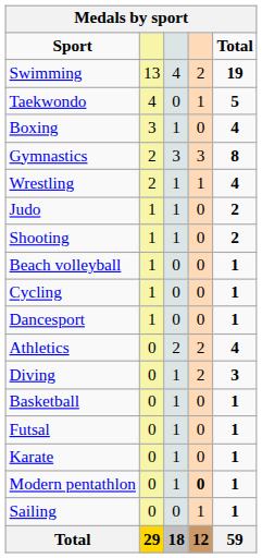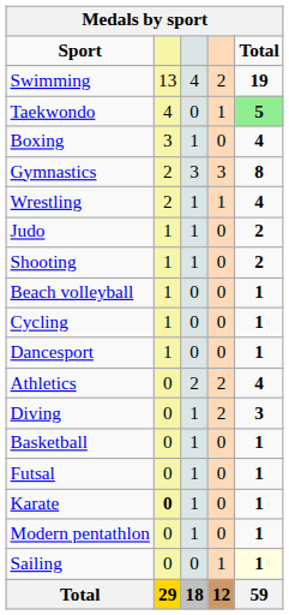 <table class="wikitable" style="text-align:center;font-size:85%;float:right;clear:right;">
 <tr style="background:#efefef;">
 <th colspan=5><strong>Medals by sport</strong></th>
 </tr>
 <tr>
 <td><strong>Sport</strong></td>
 <td bgcolor=#f7f6a8></td>
 <td bgcolor=#dce5e5></td>
 <td bgcolor=#ffdab9></td>
 <td><strong>Total</strong></td>
 </tr>
 <tr>
 <td align=left><a href='#'>Swimming</a></td>
 <td style="background:#F7F6A8;">13</td>
 <td style="background:#DCE5E5;">4</td>
 <td style="background:#FFDAB9;">2</td>
 <td><strong>19</strong></td>
 </tr>
 <tr>
 <td align=left><a href='#'>Taekwondo</a></td>
 <td style="background:#F7F6A8;">4</td>
 <td style="background:#DCE5E5;">0</td>
 <td style="background:#FFDAB9;">1</td>
-<td><strong>5</strong></td>
+<td style="background: lightgreen;"><strong>5</strong></td>
 </tr>
 <tr>
 <td align=left><a href='#'>Boxing</a></td>
 <td style="background:#F7F6A8;">3</td>
 <td style="background:#DCE5E5;">1</td>
 <td style="background:#FFDAB9;">0</td>
 <td><strong>4</strong></td>
 </tr>
 <tr>
 <td align=left><a href='#'>Gymnastics</a></td>
 <td style="background:#F7F6A8;">2</td>
 <td style="background:#DCE5E5;">3</td>
 <td style="background:#FFDAB9;">3</td>
 <td><strong>8</strong></td>
 </tr>
 <tr>
 <td align=left><a href='#'>Wrestling</a></td>
 <td style="background:#F7F6A8;">2</td>
 <td style="background:#DCE5E5;">1</td>
 <td style="background:#FFDAB9;">1</td>
 <td><strong>4</strong></td>
 </tr>
 <tr>
 <td align=left><a href='#'>Judo</a></td>
 <td style="background:#F7F6A8;">1</td>
 <td style="background:#DCE5E5;">1</td>
 <td style="background:#FFDAB9;">0</td>
 <td><strong>2</strong></td>
 </tr>
 <tr>
 <td align=left><a href='#'>Shooting</a></td>
 <td style="background:#F7F6A8;">1</td>
 <td style="background:#DCE5E5;">1</td>
 <td style="background:#FFDAB9;">0</td>
 <td><strong>2</strong></td>
 </tr>
 <tr>
 <td align=left><a href='#'>Beach volleyball</a></td>
 <td style="background:#F7F6A8;">1</td>
 <td style="background:#DCE5E5;">0</td>
 <td style="background:#FFDAB9;">0</td>
 <td><strong>1</strong></td>
 </tr>
 <tr>
 <td align=left><a href='#'>Cycling</a></td>
 <td style="background:#F7F6A8;">1</td>
 <td style="background:#DCE5E5;">0</td>
 <td style="background:#FFDAB9;">0</td>
 <td><strong>1</strong></td>
 </tr>
 <tr>
 <td align=left><a href='#'>Dancesport</a></td>
 <td style="background:#F7F6A8;">1</td>
 <td style="background:#DCE5E5;">0</td>
 <td style="background:#FFDAB9;">0</td>
 <td><strong>1</strong></td>
 </tr>
 <tr>
 <td align=left><a href='#'>Athletics</a></td>
 <td style="background:#F7F6A8;">0</td>
 <td style="background:#DCE5E5;">2</td>
 <td style="background:#FFDAB9;">2</td>
 <td><strong>4</strong></td>
 </tr>
 <tr>
 <td align=left><a href='#'>Diving</a></td>
 <td style="background:#F7F6A8;">0</td>
 <td style="background:#DCE5E5;">1</td>
 <td style="background:#FFDAB9;">2</td>
 <td><strong>3</strong></td>
 </tr>
 <tr>
 <td align=left><a href='#'>Basketball</a></td>
 <td style="background:#F7F6A8;">0</td>
 <td style="background:#DCE5E5;">1</td>
 <td style="background:#FFDAB9;">0</td>
 <td><strong>1</strong></td>
 </tr>
 <tr>
 <td align=left><a href='#'>Futsal</a></td>
 <td style="background:#F7F6A8;">0</td>
 <td style="background:#DCE5E5;">1</td>
 <td style="background:#FFDAB9;">0</td>
 <td><strong>1</strong></td>
 </tr>
 <tr>
 <td align=left><a href='#'>Karate</a></td>
-<td style="background:#F7F6A8;">0</td>
+<td style="background:#F7F6A8;"><strong>0</strong></td>
 <td style="background:#DCE5E5;">1</td>
 <td style="background:#FFDAB9;">0</td>
 <td><strong>1</strong></td>
 </tr>
 <tr>
 <td align=left><a href='#'>Modern pentathlon</a></td>
 <td style="background:#F7F6A8;">0</td>
 <td style="background:#DCE5E5;">1</td>
-<td style="background:#FFDAB9;"><strong>0</strong></td>
+<td style="background:#FFDAB9;">0</td>
 <td><strong>1</strong></td>
 </tr>
 <tr>
 <td align=left><a href='#'>Sailing</a></td>
 <td style="background:#F7F6A8;">0</td>
 <td style="background:#DCE5E5;">0</td>
 <td style="background:#FFDAB9;">1</td>
-<td><strong>1</strong></td>
+<td style="background: lightyellow;"><strong>1</strong></td>
 </tr>
 <tr>
 <th><strong>Total</strong></th>
 <th style="background:gold;"><strong>29</strong></th>
 <th style="background:silver;"><strong>18</strong></th>
 <th style="background:#c96;"><strong>12</strong></th>
 <th><strong>59</strong></th>
 </tr>
 </table>
